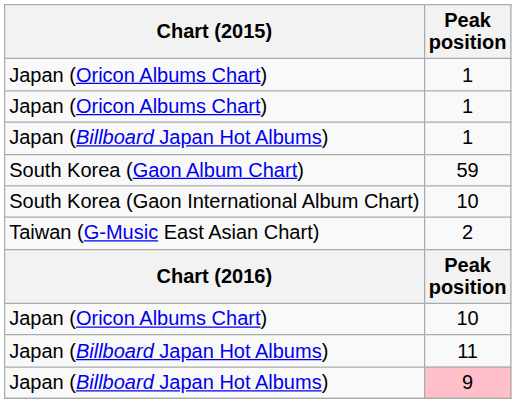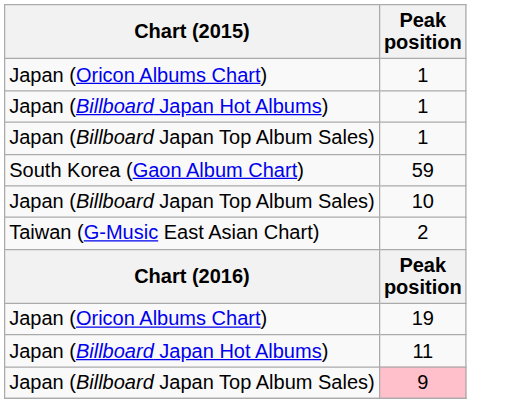 <table class="wikitable sortable">
 <tr>
 <th>Chart (2015)</th>
 <th>Peak<br>position</th>
 </tr>
 <tr>
 <td>Japan (<a href='#'>Oricon Albums Chart</a>)</td>
 <td align="center">1</td>
 </tr>
 <tr>
-<td>Japan (<a href='#'>Oricon Albums Chart</a>)</td>
+<td>Japan (<a href='#'><em>Billboard</em> Japan Hot Albums</a>)</td>
 <td align="center">1</td>
 </tr>
 <tr>
-<td>Japan (<a href='#'><em>Billboard</em> Japan Hot Albums</a>)</td>
+<td>Japan (<em>Billboard</em> Japan Top Album Sales)</td>
 <td align="center">1</td>
 </tr>
 <tr>
 <td>South Korea (<a href='#'>Gaon Album Chart</a>)</td>
 <td align="center">59</td>
 </tr>
 <tr>
-<td>South Korea (Gaon International Album Chart)</td>
+<td>Japan (<em>Billboard</em> Japan Top Album Sales)</td>
 <td align="center">10</td>
 </tr>
 <tr>
 <td>Taiwan (<a href='#'>G-Music</a> East Asian Chart)</td>
 <td align="center">2</td>
 </tr>
 <tr>
 <th>Chart (2016)</th>
 <th>Peak<br>position</th>
 </tr>
 <tr>
 <td>Japan (<a href='#'>Oricon Albums Chart</a>)</td>
-<td align="center">10</td>
+<td align="center">19</td>
 </tr>
 <tr>
 <td>Japan (<a href='#'><em>Billboard</em> Japan Hot Albums</a>)</td>
 <td align="center">11</td>
 </tr>
 <tr>
-<td>Japan (<a href='#'><em>Billboard</em> Japan Hot Albums</a>)</td>
+<td>Japan (<em>Billboard</em> Japan Top Album Sales)</td>
 <td align="center" style="background: pink;">9</td>
 </tr>
 <tr>
 </tr>
 </table>
